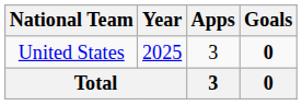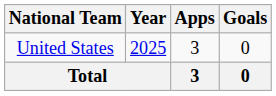 <table class="wikitable" style="text-align:center">
 <tr>
 <th>National Team</th>
 <th>Year</th>
 <th>Apps</th>
 <th>Goals</th>
 </tr>
 <tr>
 <td><a href='#'>United States</a></td>
 <td><a href='#'>2025</a></td>
 <td>3</td>
-<td><strong>0</strong></td>
+<td>0</td>
 </tr>
 <tr>
 <th colspan=2>Total</th>
 <th>3</th>
 <th>0</th>
 </tr>
 </table>
